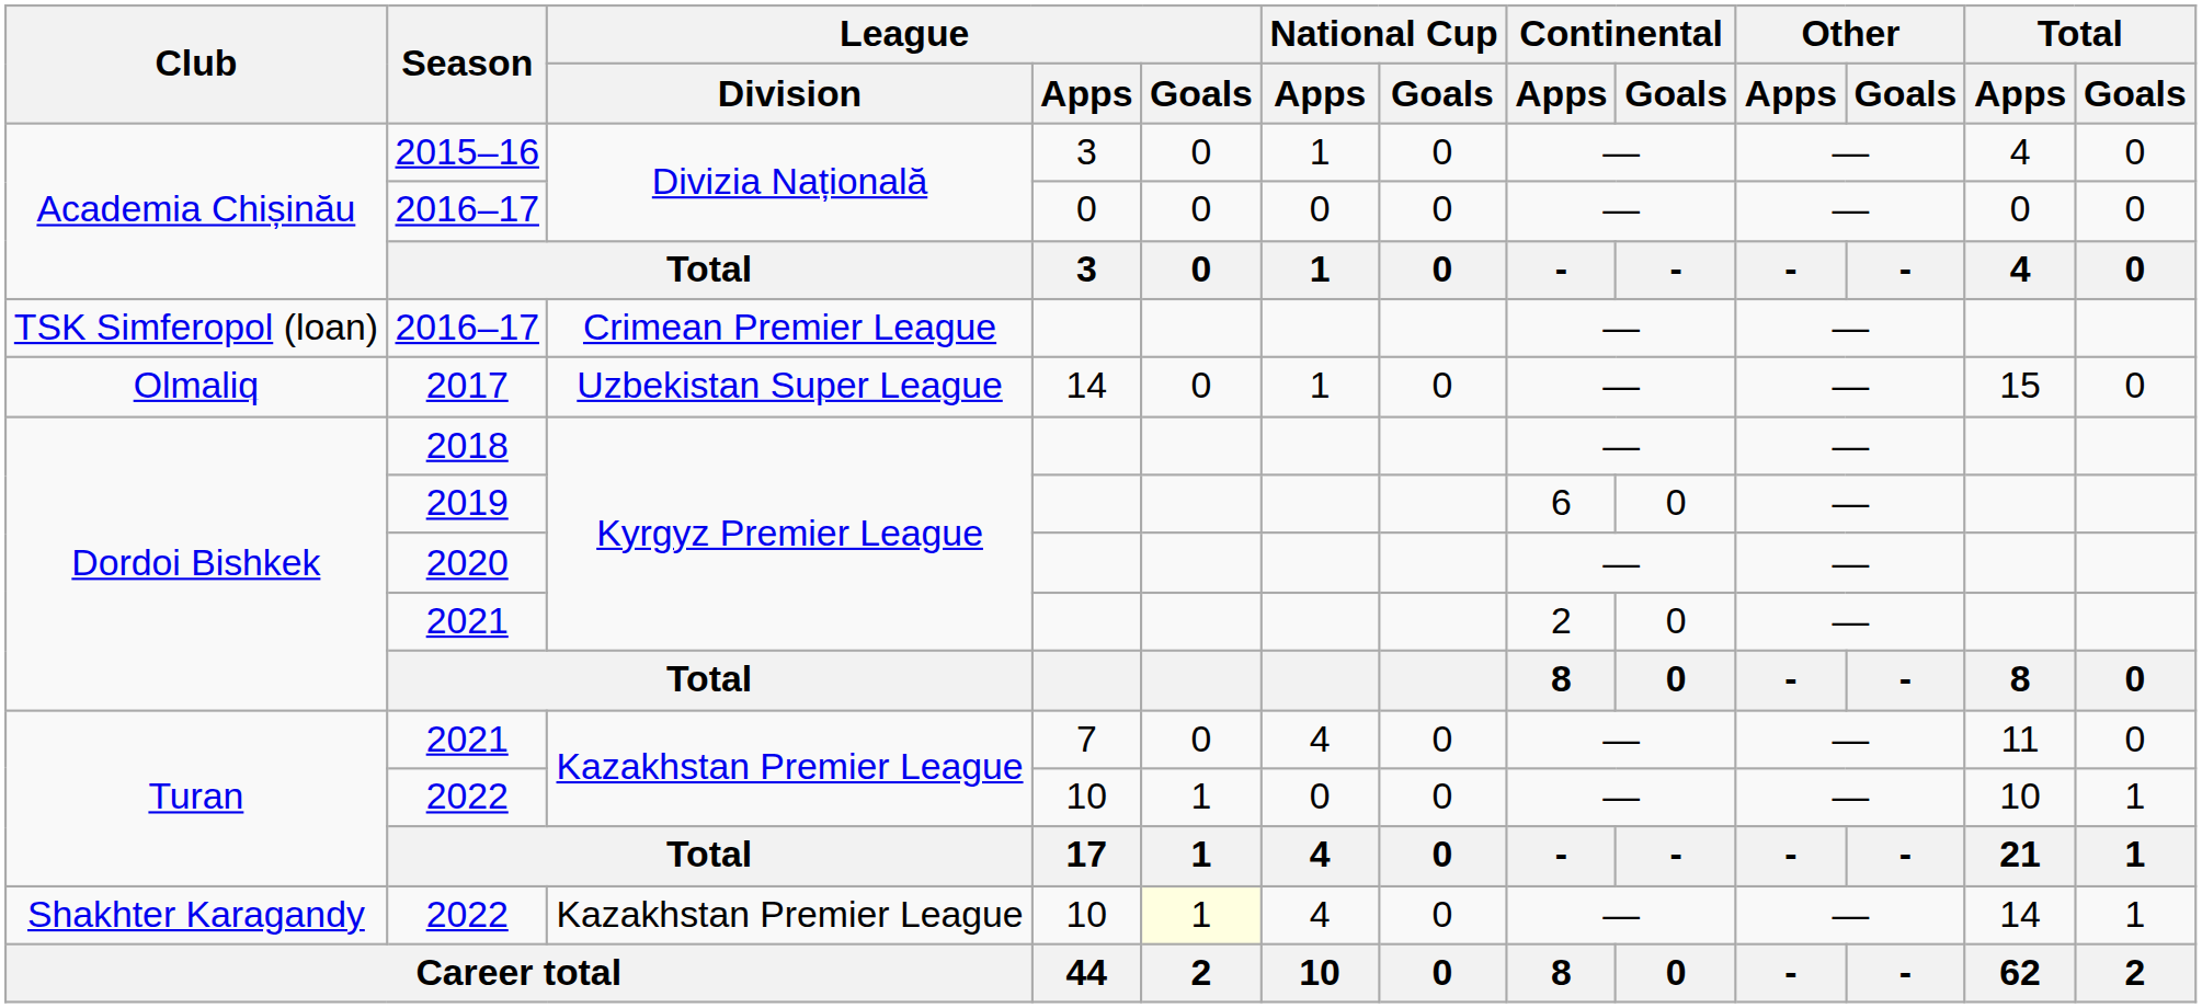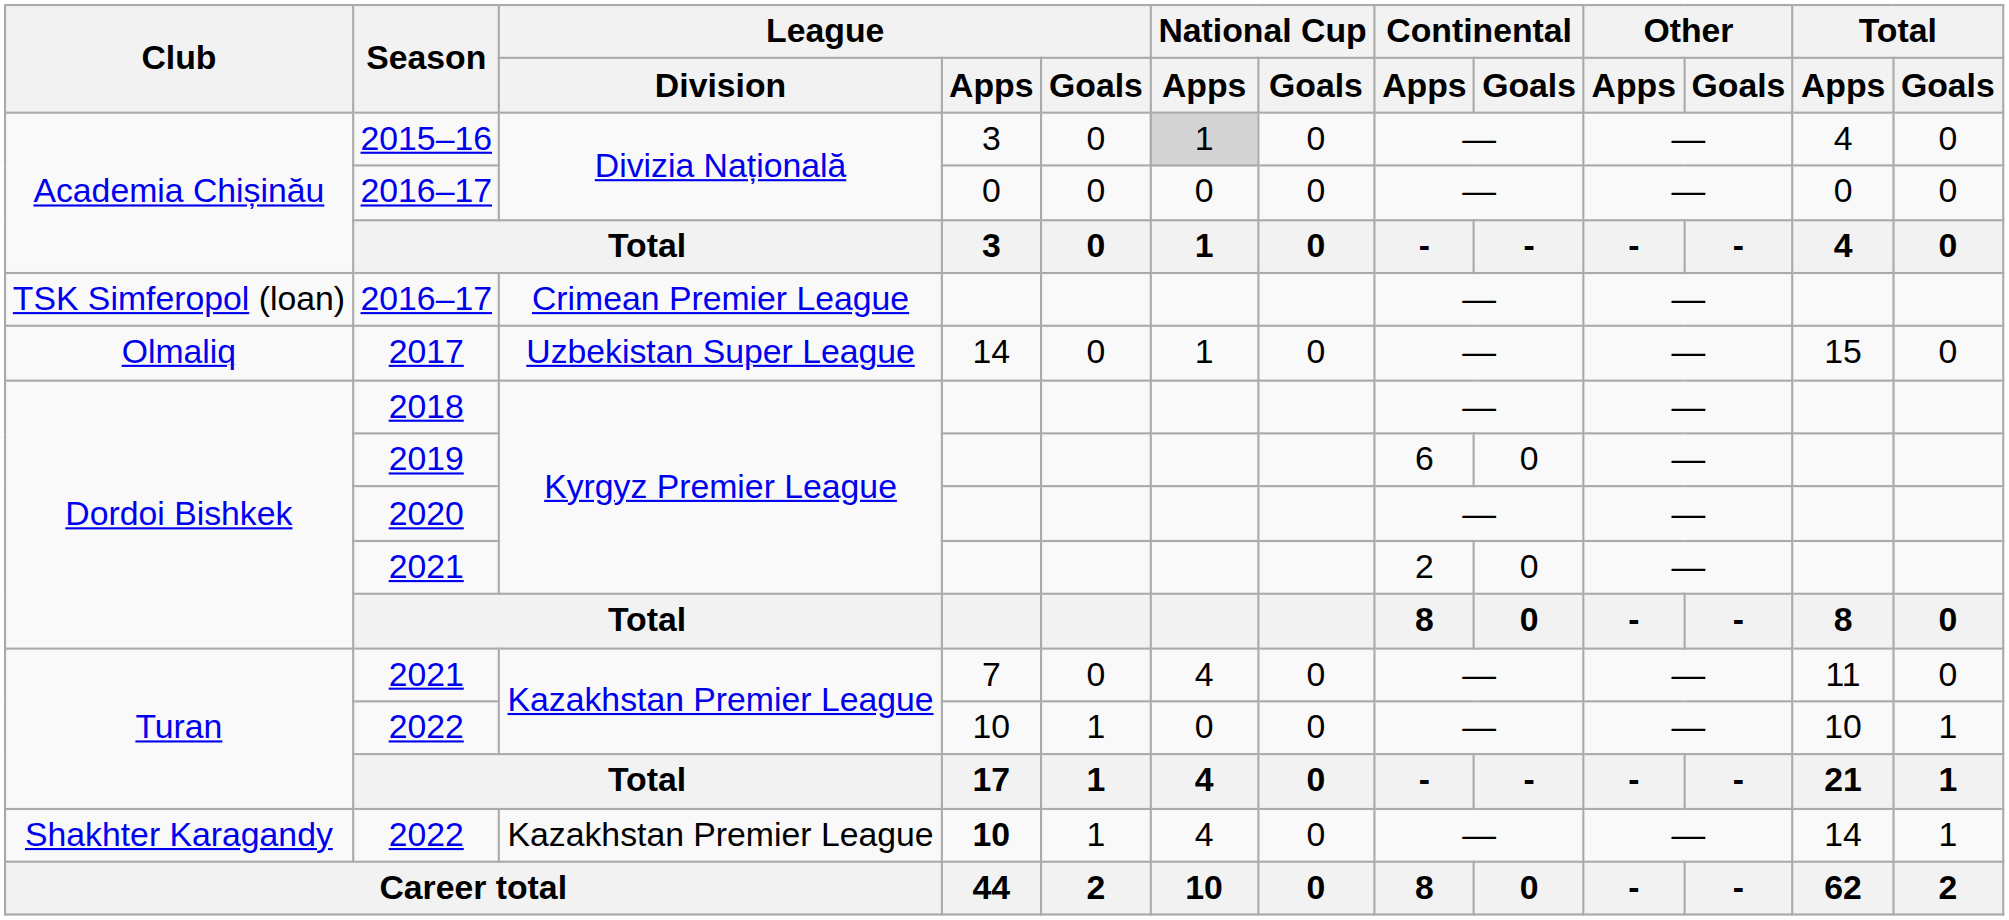 <table class="wikitable" style="text-align:center">
 <tr>
 <th rowspan="2">Club</th>
 <th rowspan="2">Season</th>
 <th colspan="3">League</th>
 <th colspan="2">National Cup</th>
 <th colspan="2">Continental</th>
 <th colspan="2">Other</th>
 <th colspan="2">Total</th>
 </tr>
 <tr>
 <th>Division</th>
 <th>Apps</th>
 <th>Goals</th>
 <th>Apps</th>
 <th>Goals</th>
 <th>Apps</th>
 <th>Goals</th>
 <th>Apps</th>
 <th>Goals</th>
 <th>Apps</th>
 <th>Goals</th>
 </tr>
 <tr>
 <td rowspan="3"><a href='#'>Academia Chișinău</a></td>
 <td><a href='#'>2015–16</a></td>
 <td rowspan="2"><a href='#'>Divizia Națională</a></td>
 <td>3</td>
 <td>0</td>
-<td>1</td>
+<td style="background: lightgrey;">1</td>
 <td>0</td>
 <td colspan="2">—</td>
 <td colspan="2">—</td>
 <td>4</td>
 <td>0</td>
 </tr>
 <tr>
 <td><a href='#'>2016–17</a></td>
 <td>0</td>
 <td>0</td>
 <td>0</td>
 <td>0</td>
 <td colspan="2">—</td>
 <td colspan="2">—</td>
 <td>0</td>
 <td>0</td>
 </tr>
 <tr>
 <th colspan="2">Total</th>
 <th>3</th>
 <th>0</th>
 <th>1</th>
 <th>0</th>
 <th>-</th>
 <th>-</th>
 <th>-</th>
 <th>-</th>
 <th>4</th>
 <th>0</th>
 </tr>
 <tr>
 <td><a href='#'>TSK Simferopol</a> (loan)</td>
 <td><a href='#'>2016–17</a></td>
 <td><a href='#'>Crimean Premier League</a></td>
 <td></td>
 <td></td>
 <td></td>
 <td></td>
 <td colspan="2">—</td>
 <td colspan="2">—</td>
 <td></td>
 <td></td>
 </tr>
 <tr>
 <td><a href='#'>Olmaliq</a></td>
 <td><a href='#'>2017</a></td>
 <td><a href='#'>Uzbekistan Super League</a></td>
 <td>14</td>
 <td>0</td>
 <td>1</td>
 <td>0</td>
 <td colspan="2">—</td>
 <td colspan="2">—</td>
 <td>15</td>
 <td>0</td>
 </tr>
 <tr>
 <td rowspan="5"><a href='#'>Dordoi Bishkek</a></td>
 <td><a href='#'>2018</a></td>
 <td rowspan="4"><a href='#'>Kyrgyz Premier League</a></td>
 <td></td>
 <td></td>
 <td></td>
 <td></td>
 <td colspan="2">—</td>
 <td colspan="2">—</td>
 <td></td>
 <td></td>
 </tr>
 <tr>
 <td><a href='#'>2019</a></td>
 <td></td>
 <td></td>
 <td></td>
 <td></td>
 <td>6</td>
 <td>0</td>
 <td colspan="2">—</td>
 <td></td>
 <td></td>
 </tr>
 <tr>
 <td><a href='#'>2020</a></td>
 <td></td>
 <td></td>
 <td></td>
 <td></td>
 <td colspan="2">—</td>
 <td colspan="2">—</td>
 <td></td>
 <td></td>
 </tr>
 <tr>
 <td><a href='#'>2021</a></td>
 <td></td>
 <td></td>
 <td></td>
 <td></td>
 <td>2</td>
 <td>0</td>
 <td colspan="2">—</td>
 <td></td>
 <td></td>
 </tr>
 <tr>
 <th colspan="2">Total</th>
 <th></th>
 <th></th>
 <th></th>
 <th></th>
 <th>8</th>
 <th>0</th>
 <th>-</th>
 <th>-</th>
 <th>8</th>
 <th>0</th>
 </tr>
 <tr>
 <td rowspan="3"><a href='#'>Turan</a></td>
 <td><a href='#'>2021</a></td>
 <td rowspan="2"><a href='#'>Kazakhstan Premier League</a></td>
 <td>7</td>
 <td>0</td>
 <td>4</td>
 <td>0</td>
 <td colspan="2">—</td>
 <td colspan="2">—</td>
 <td>11</td>
 <td>0</td>
 </tr>
 <tr>
 <td><a href='#'>2022</a></td>
 <td>10</td>
 <td>1</td>
 <td>0</td>
 <td>0</td>
 <td colspan="2">—</td>
 <td colspan="2">—</td>
 <td>10</td>
 <td>1</td>
 </tr>
 <tr>
 <th colspan="2">Total</th>
 <th>17</th>
 <th>1</th>
 <th>4</th>
 <th>0</th>
 <th>-</th>
 <th>-</th>
 <th>-</th>
 <th>-</th>
 <th>21</th>
 <th>1</th>
 </tr>
 <tr>
 <td><a href='#'>Shakhter Karagandy</a></td>
 <td><a href='#'>2022</a></td>
 <td>Kazakhstan Premier League</td>
-<td>10</td>
-<td style="background: lightyellow;">1</td>
+<td><strong>10</strong></td>
+<td>1</td>
 <td>4</td>
 <td>0</td>
 <td colspan="2">—</td>
 <td colspan="2">—</td>
 <td>14</td>
 <td>1</td>
 </tr>
 <tr>
 <th colspan="3">Career total</th>
 <th>44</th>
 <th>2</th>
 <th>10</th>
 <th>0</th>
 <th>8</th>
 <th>0</th>
 <th>-</th>
 <th>-</th>
 <th>62</th>
 <th>2</th>
 </tr>
 </table>
